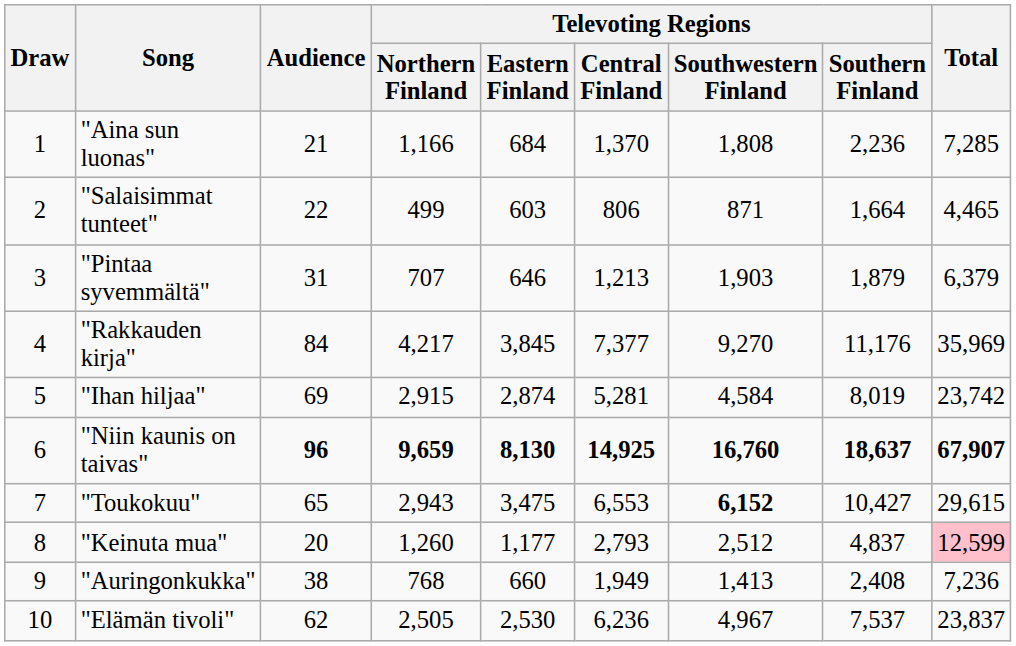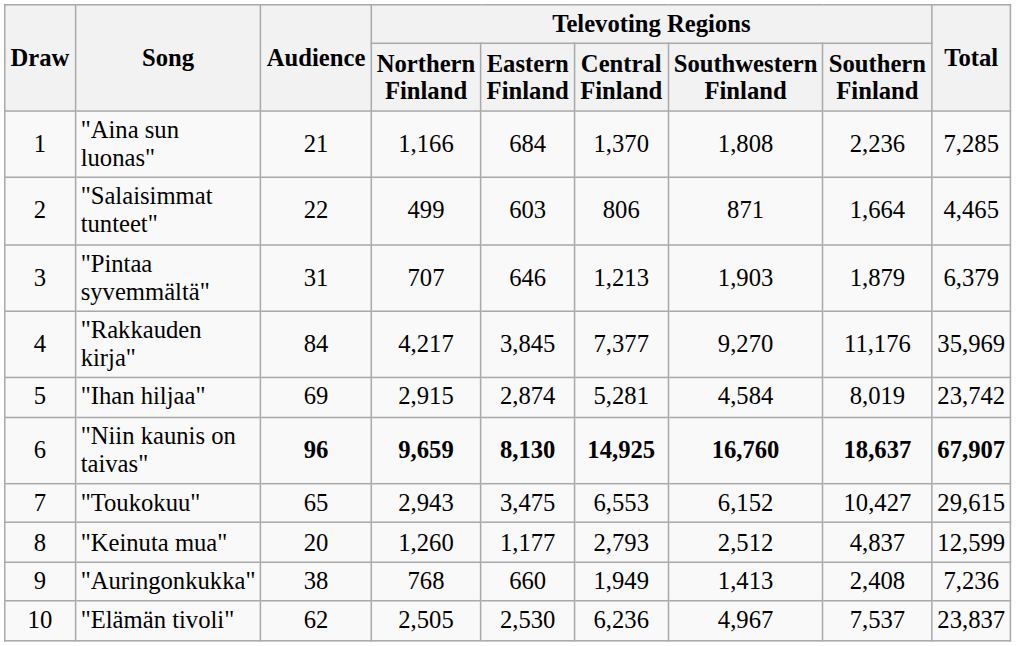 <table class="wikitable collapsible" style="margin: 1em auto 1em auto; text-align:center;">
 <tr>
 <th rowspan="2">Draw</th>
 <th rowspan="2">Song</th>
 <th rowspan="2">Audience</th>
 <th colspan="5">Televoting Regions</th>
 <th rowspan="2">Total</th>
 </tr>
 <tr>
 <th>Northern<br>Finland</th>
 <th>Eastern<br>Finland</th>
 <th>Central<br>Finland</th>
 <th>Southwestern<br>Finland</th>
 <th>Southern<br>Finland</th>
 </tr>
 <tr>
 <td>1</td>
 <td align="left">"Aina sun luonas"</td>
 <td>21</td>
 <td>1,166</td>
 <td>684</td>
 <td>1,370</td>
 <td>1,808</td>
 <td>2,236</td>
 <td>7,285</td>
 </tr>
 <tr>
 <td>2</td>
 <td align="left">"Salaisimmat tunteet"</td>
 <td>22</td>
 <td>499</td>
 <td>603</td>
 <td>806</td>
 <td>871</td>
 <td>1,664</td>
 <td>4,465</td>
 </tr>
 <tr>
 <td>3</td>
 <td align="left">"Pintaa syvemmältä"</td>
 <td>31</td>
 <td>707</td>
 <td>646</td>
 <td>1,213</td>
 <td>1,903</td>
 <td>1,879</td>
 <td>6,379</td>
 </tr>
 <tr>
 <td>4</td>
 <td align="left">"Rakkauden kirja"</td>
 <td>84</td>
 <td>4,217</td>
 <td>3,845</td>
 <td>7,377</td>
 <td>9,270</td>
 <td>11,176</td>
 <td>35,969</td>
 </tr>
 <tr>
 <td>5</td>
 <td align="left">"Ihan hiljaa"</td>
 <td>69</td>
 <td>2,915</td>
 <td>2,874</td>
 <td>5,281</td>
 <td>4,584</td>
 <td>8,019</td>
 <td>23,742</td>
 </tr>
 <tr>
 <td>6</td>
 <td align="left">"Niin kaunis on taivas"</td>
 <td><strong>96</strong></td>
 <td><strong>9,659</strong></td>
 <td><strong>8,130</strong></td>
 <td><strong>14,925</strong></td>
 <td><strong>16,760</strong></td>
 <td><strong>18,637</strong></td>
 <td><strong>67,907</strong></td>
 </tr>
 <tr>
 <td>7</td>
 <td align="left">"Toukokuu"</td>
 <td>65</td>
 <td>2,943</td>
 <td>3,475</td>
 <td>6,553</td>
-<td><strong>6,152</strong></td>
+<td>6,152</td>
 <td>10,427</td>
 <td>29,615</td>
 </tr>
 <tr>
 <td>8</td>
 <td align="left">"Keinuta mua"</td>
 <td>20</td>
 <td>1,260</td>
 <td>1,177</td>
 <td>2,793</td>
 <td>2,512</td>
 <td>4,837</td>
-<td style="background: pink;">12,599</td>
+<td>12,599</td>
 </tr>
 <tr>
 <td>9</td>
 <td align="left">"Auringonkukka"</td>
 <td>38</td>
 <td>768</td>
 <td>660</td>
 <td>1,949</td>
 <td>1,413</td>
 <td>2,408</td>
 <td>7,236</td>
 </tr>
 <tr>
 <td>10</td>
 <td align="left">"Elämän tivoli"</td>
 <td>62</td>
 <td>2,505</td>
 <td>2,530</td>
 <td>6,236</td>
 <td>4,967</td>
 <td>7,537</td>
 <td>23,837</td>
 </tr>
 </table>
